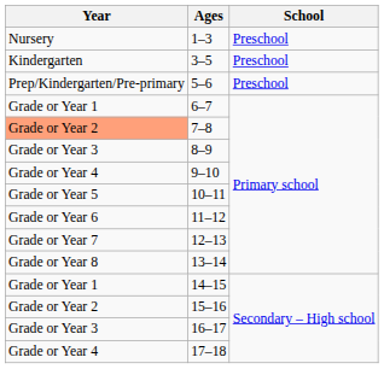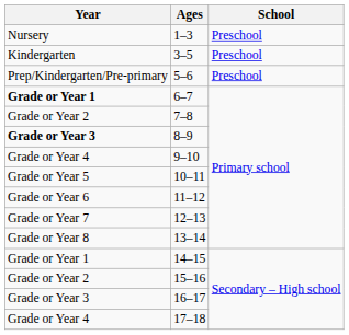 <table class="wikitable">
 <tr>
 <th>Year</th>
 <th>Ages</th>
 <th>School</th>
 </tr>
 <tr>
 <td>Nursery</td>
 <td>1–3</td>
 <td><a href='#'>Preschool</a></td>
 </tr>
 <tr>
 <td>Kindergarten</td>
 <td>3–5</td>
 <td><a href='#'>Preschool</a></td>
 </tr>
 <tr>
 <td>Prep/Kindergarten/Pre-primary</td>
 <td>5–6</td>
 <td><a href='#'>Preschool</a></td>
 </tr>
 <tr>
-<td>Grade or Year 1</td>
+<td><strong>Grade or Year 1</strong></td>
 <td>6–7</td>
 <td rowspan=8><a href='#'>Primary school</a></td>
 </tr>
 <tr>
-<td style="background: lightsalmon;">Grade or Year 2</td>
+<td>Grade or Year 2</td>
 <td>7–8</td>
 </tr>
 <tr>
-<td>Grade or Year 3</td>
+<td><strong>Grade or Year 3</strong></td>
 <td>8–9</td>
 </tr>
 <tr>
 <td>Grade or Year 4</td>
 <td>9–10</td>
 </tr>
 <tr>
 <td>Grade or Year 5</td>
 <td>10–11</td>
 </tr>
 <tr>
 <td>Grade or Year 6</td>
 <td>11–12</td>
 </tr>
 <tr>
 <td>Grade or Year 7</td>
 <td>12–13</td>
 </tr>
 <tr>
 <td>Grade or Year 8</td>
 <td>13–14</td>
 </tr>
 <tr>
 <td>Grade or Year 1</td>
 <td>14–15</td>
 <td rowspan=4><a href='#'>Secondary – High school</a></td>
 </tr>
 <tr>
 <td>Grade or Year 2</td>
 <td>15–16</td>
 </tr>
 <tr>
 <td>Grade or Year 3</td>
 <td>16–17</td>
 </tr>
 <tr>
 <td>Grade or Year 4</td>
 <td>17–18</td>
 </tr>
 </table>
